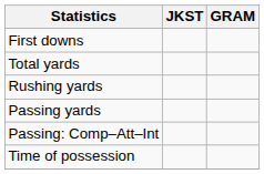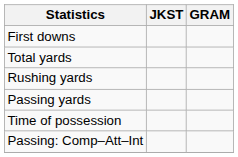 <table class="wikitable" style="float: left;">
 <tr>
 <th>Statistics</th>
 <th>JKST</th>
 <th>GRAM</th>
 </tr>
 <tr>
 <td>First downs</td>
 <td></td>
 <td></td>
 </tr>
 <tr>
 <td>Total yards</td>
 <td></td>
 <td></td>
 </tr>
 <tr>
 <td>Rushing yards</td>
 <td></td>
 <td></td>
 </tr>
 <tr>
 <td>Passing yards</td>
 <td></td>
 <td></td>
 </tr>
 <tr>
-<td>Passing: Comp–Att–Int</td>
+<td>Time of possession</td>
 <td></td>
 <td></td>
 </tr>
 <tr>
-<td>Time of possession</td>
+<td>Passing: Comp–Att–Int</td>
 <td></td>
 <td></td>
 </tr>
 <tr>
 </tr>
 </table>
